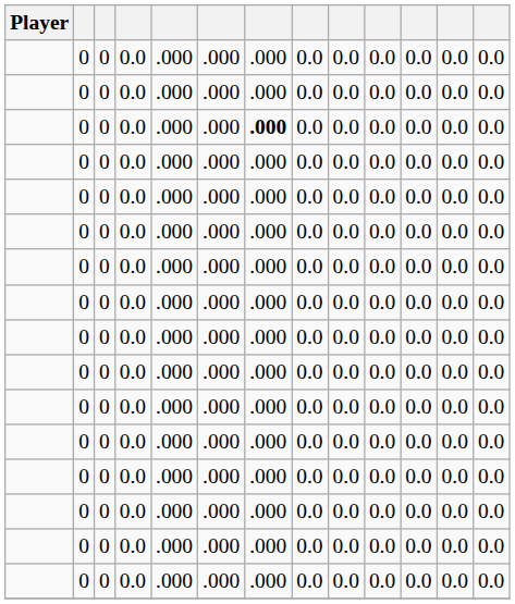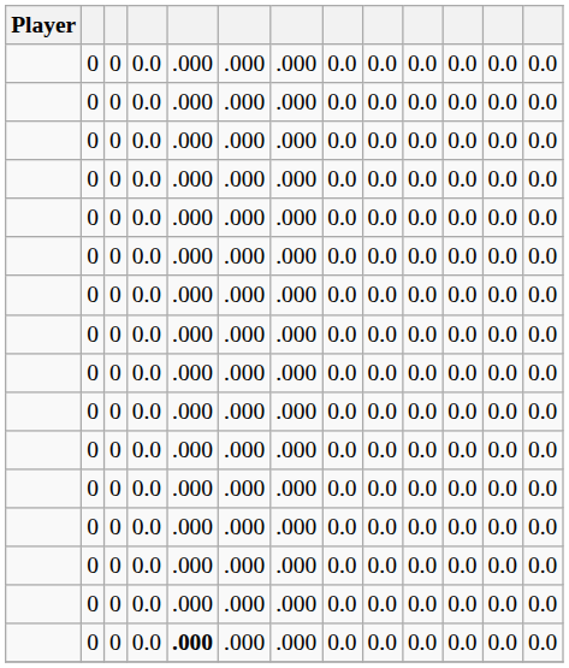 <table class="wikitable sortable" style="font-size:95%; text-align:right">
 <tr>
 <th>Player</th>
 <th></th>
 <th></th>
 <th></th>
 <th></th>
 <th></th>
 <th></th>
 <th></th>
 <th></th>
 <th></th>
 <th></th>
 <th></th>
 <th></th>
 </tr>
 <tr>
 <td><strong></strong></td>
 <td>0</td>
 <td>0</td>
 <td>0.0</td>
 <td>.000</td>
 <td>.000</td>
 <td>.000</td>
-<td>0.0</td>
-<td>0.0</td>
-<td>0.0</td>
-<td>0.0</td>
-<td>0.0</td>
-<td>0.0</td>
-</tr>
-<tr>
-<td><strong></strong></td>
-<td>0</td>
-<td>0</td>
-<td>0.0</td>
-<td>.000</td>
-<td>.000</td>
-<td>.000</td>
-<td>0.0</td>
-<td>0.0</td>
-<td>0.0</td>
-<td>0.0</td>
-<td>0.0</td>
-<td>0.0</td>
-</tr>
-<tr>
-<td><strong></strong></td>
-<td>0</td>
-<td>0</td>
-<td>0.0</td>
-<td>.000</td>
-<td>.000</td>
-<td><strong>.000</strong></td>
 <td>0.0</td>
 <td>0.0</td>
 <td>0.0</td>
 <td>0.0</td>
 <td>0.0</td>
 <td>0.0</td>
 </tr>
 <tr>
 <td><strong></strong></td>
 <td>0</td>
 <td>0</td>
 <td>0.0</td>
 <td>.000</td>
 <td>.000</td>
 <td>.000</td>
 <td>0.0</td>
 <td>0.0</td>
 <td>0.0</td>
 <td>0.0</td>
 <td>0.0</td>
 <td>0.0</td>
 </tr>
 <tr>
 <td><strong></strong></td>
 <td>0</td>
 <td>0</td>
 <td>0.0</td>
 <td>.000</td>
 <td>.000</td>
 <td>.000</td>
 <td>0.0</td>
 <td>0.0</td>
 <td>0.0</td>
 <td>0.0</td>
 <td>0.0</td>
 <td>0.0</td>
 </tr>
 <tr>
 <td><strong></strong></td>
 <td>0</td>
 <td>0</td>
 <td>0.0</td>
 <td>.000</td>
 <td>.000</td>
 <td>.000</td>
 <td>0.0</td>
 <td>0.0</td>
 <td>0.0</td>
 <td>0.0</td>
 <td>0.0</td>
 <td>0.0</td>
 </tr>
 <tr>
 <td><strong></strong></td>
 <td>0</td>
 <td>0</td>
 <td>0.0</td>
 <td>.000</td>
 <td>.000</td>
 <td>.000</td>
 <td>0.0</td>
 <td>0.0</td>
 <td>0.0</td>
 <td>0.0</td>
 <td>0.0</td>
 <td>0.0</td>
 </tr>
 <tr>
 <td><strong></strong></td>
 <td>0</td>
 <td>0</td>
 <td>0.0</td>
 <td>.000</td>
 <td>.000</td>
 <td>.000</td>
 <td>0.0</td>
 <td>0.0</td>
 <td>0.0</td>
 <td>0.0</td>
 <td>0.0</td>
 <td>0.0</td>
 </tr>
 <tr>
 <td><strong></strong></td>
 <td>0</td>
 <td>0</td>
 <td>0.0</td>
 <td>.000</td>
 <td>.000</td>
 <td>.000</td>
 <td>0.0</td>
 <td>0.0</td>
 <td>0.0</td>
 <td>0.0</td>
 <td>0.0</td>
 <td>0.0</td>
 </tr>
 <tr>
 <td><strong></strong></td>
 <td>0</td>
 <td>0</td>
 <td>0.0</td>
 <td>.000</td>
 <td>.000</td>
 <td>.000</td>
 <td>0.0</td>
 <td>0.0</td>
 <td>0.0</td>
 <td>0.0</td>
 <td>0.0</td>
 <td>0.0</td>
 </tr>
 <tr>
 <td><strong></strong></td>
 <td>0</td>
 <td>0</td>
 <td>0.0</td>
 <td>.000</td>
 <td>.000</td>
 <td>.000</td>
 <td>0.0</td>
 <td>0.0</td>
 <td>0.0</td>
 <td>0.0</td>
 <td>0.0</td>
 <td>0.0</td>
 </tr>
 <tr>
 <td><strong></strong></td>
 <td>0</td>
 <td>0</td>
 <td>0.0</td>
 <td>.000</td>
 <td>.000</td>
 <td>.000</td>
 <td>0.0</td>
 <td>0.0</td>
 <td>0.0</td>
 <td>0.0</td>
 <td>0.0</td>
 <td>0.0</td>
 </tr>
 <tr>
 <td><strong></strong></td>
 <td>0</td>
 <td>0</td>
 <td>0.0</td>
 <td>.000</td>
 <td>.000</td>
 <td>.000</td>
 <td>0.0</td>
 <td>0.0</td>
 <td>0.0</td>
 <td>0.0</td>
 <td>0.0</td>
 <td>0.0</td>
 </tr>
 <tr>
 <td><strong></strong></td>
 <td>0</td>
 <td>0</td>
 <td>0.0</td>
 <td>.000</td>
 <td>.000</td>
 <td>.000</td>
 <td>0.0</td>
 <td>0.0</td>
 <td>0.0</td>
 <td>0.0</td>
 <td>0.0</td>
 <td>0.0</td>
 </tr>
 <tr>
 <td><strong></strong></td>
 <td>0</td>
 <td>0</td>
 <td>0.0</td>
 <td>.000</td>
 <td>.000</td>
 <td>.000</td>
 <td>0.0</td>
 <td>0.0</td>
 <td>0.0</td>
 <td>0.0</td>
 <td>0.0</td>
 <td>0.0</td>
 </tr>
 <tr>
 <td><strong></strong></td>
 <td>0</td>
 <td>0</td>
 <td>0.0</td>
 <td>.000</td>
 <td>.000</td>
 <td>.000</td>
 <td>0.0</td>
 <td>0.0</td>
 <td>0.0</td>
 <td>0.0</td>
 <td>0.0</td>
 <td>0.0</td>
 </tr>
 <tr>
+<td><strong></strong></td>
+<td>0</td>
+<td>0</td>
+<td>0.0</td>
+<td>.000</td>
+<td>.000</td>
+<td>.000</td>
+<td>0.0</td>
+<td>0.0</td>
+<td>0.0</td>
+<td>0.0</td>
+<td>0.0</td>
+<td>0.0</td>
+</tr>
+<tr>
+<td><strong></strong></td>
+<td>0</td>
+<td>0</td>
+<td>0.0</td>
+<td><strong>.000</strong></td>
+<td>.000</td>
+<td>.000</td>
+<td>0.0</td>
+<td>0.0</td>
+<td>0.0</td>
+<td>0.0</td>
+<td>0.0</td>
+<td>0.0</td>
+</tr>
+<tr>
 </tr>
 </table>
